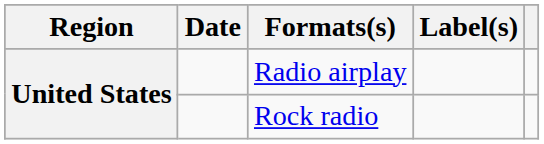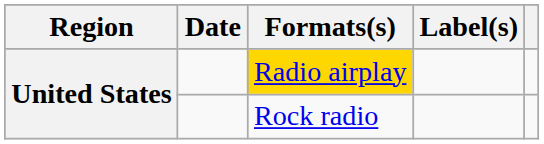 <table class="wikitable plainrowheaders" style="text-align:left">
 <tr>
 <th scope="col">Region</th>
 <th scope="col">Date</th>
 <th scope="col">Formats(s)</th>
 <th scope="col">Label(s)</th>
 <th scope="col"></th>
 </tr>
 <tr>
 <th scope="row" rowspan="3">United States</th>
 <td></td>
-<td><a href='#'>Radio airplay</a></td>
+<td style="background: gold;"><a href='#'>Radio airplay</a></td>
 <td></td>
 <td align="center"></td>
 </tr>
 <tr>
 <td></td>
 <td><a href='#'>Rock radio</a></td>
 <td></td>
 <td align="center"></td>
 </tr>
 </table>
